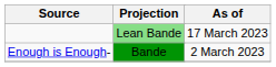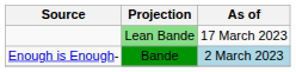 <table class="wikitable" style="text-align:center">
 <tr>
 <th>Source</th>
 <th colspan=2>Projection</th>
 <th>As of</th>
 </tr>
 <tr>
 <td align="left"></td>
 <td colspan=2 bgcolor=#87de87>Lean Bande</td>
 <td>17 March 2023</td>
 </tr>
 <tr>
 <td align="left"><a href='#'>Enough is Enough</a>-<br></td>
 <td colspan=2 bgcolor=#009404>Bande</td>
-<td>2 March 2023</td>
+<td style="background: lightblue;">2 March 2023</td>
 </tr>
 <tr>
 </tr>
 </table>
